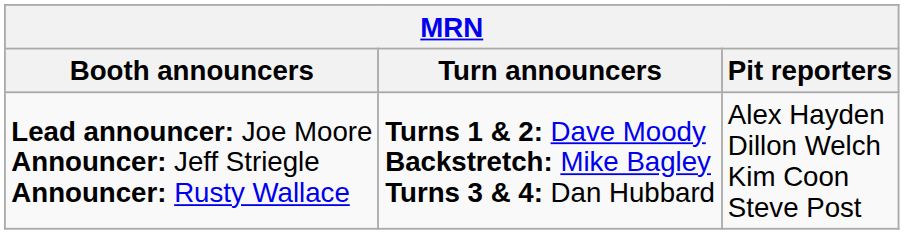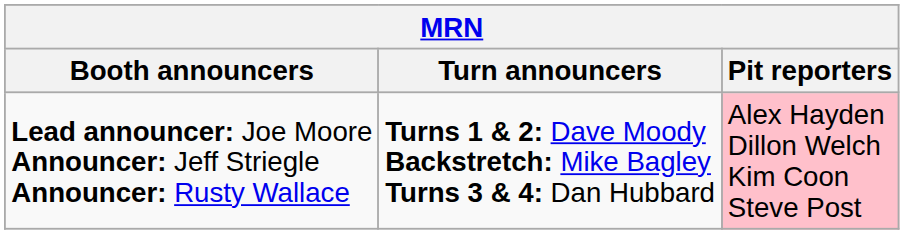 <table class="wikitable" style="font-size: 95%">
 <tr>
 <th colspan="3"><a href='#'>MRN</a></th>
 </tr>
 <tr>
 <th>Booth announcers</th>
 <th>Turn announcers</th>
 <th>Pit reporters</th>
 </tr>
 <tr>
 <td><strong>Lead announcer:</strong> Joe Moore<br><strong>Announcer:</strong> Jeff Striegle<br><strong>Announcer:</strong> <a href='#'>Rusty Wallace</a></td>
 <td><strong>Turns 1 & 2:</strong> <a href='#'>Dave Moody</a><br><strong>Backstretch:</strong> <a href='#'>Mike Bagley</a><br><strong>Turns 3 & 4:</strong> Dan Hubbard</td>
-<td>Alex Hayden<br>Dillon Welch<br>Kim Coon<br>Steve Post</td>
+<td style="background: pink;">Alex Hayden<br>Dillon Welch<br>Kim Coon<br>Steve Post</td>
 </tr>
 </table>
